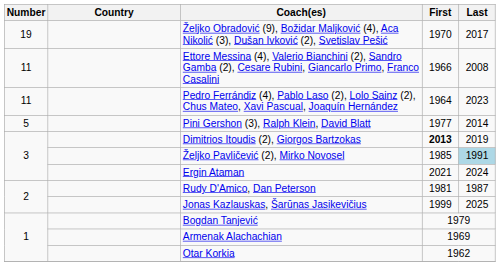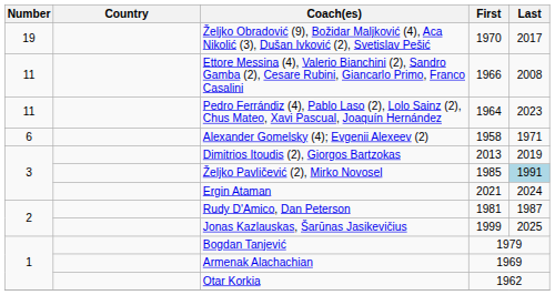 <table class="wikitable">
 <tr>
 <th style="width:40px">Number</th>
 <th style="width:200px">Country</th>
 <th style="width:370px">Coach(es)</th>
 <th style="width:50px">First</th>
 <th style="width:50px">Last</th>
 </tr>
 <tr>
 <td style="text-align:center;">19</td>
 <td></td>
 <td><a href='#'>Željko Obradović</a> (9), <a href='#'>Božidar Maljković</a> (4), <a href='#'>Aca Nikolić</a> (3), <a href='#'>Dušan Ivković</a> (2), <a href='#'>Svetislav Pešić</a></td>
 <td style="text-align:center;">1970</td>
 <td style="text-align:center;">2017</td>
 </tr>
 <tr>
 <td style="text-align:center;">11</td>
 <td></td>
 <td><a href='#'>Ettore Messina</a> (4), <a href='#'>Valerio Bianchini</a> (2), <a href='#'>Sandro Gamba</a> (2), <a href='#'>Cesare Rubini</a>, <a href='#'>Giancarlo Primo</a>, <a href='#'>Franco Casalini</a></td>
 <td style="text-align:center;">1966</td>
 <td style="text-align:center;">2008</td>
 </tr>
 <tr>
 <td style="text-align:center;">11</td>
 <td></td>
 <td><a href='#'>Pedro Ferrándiz</a> (4), <a href='#'>Pablo Laso</a> (2), <a href='#'>Lolo Sainz</a> (2), <a href='#'>Chus Mateo</a>, <a href='#'>Xavi Pascual</a>, <a href='#'>Joaquín Hernández</a></td>
 <td style="text-align:center;">1964</td>
 <td style="text-align:center;">2023</td>
 </tr>
 <tr>
-<td style="text-align:center;">5</td>
+<td style="text-align:center;">6</td>
 <td></td>
-<td><a href='#'>Pini Gershon</a> (3), <a href='#'>Ralph Klein</a>, <a href='#'>David Blatt</a></td>
-<td style="text-align:center;">1977</td>
-<td style="text-align:center;">2014</td>
+<td><a href='#'>Alexander Gomelsky</a> (4); <a href='#'>Evgenii Alexeev</a> (2)</td>
+<td style="text-align:center;">1958</td>
+<td style="text-align:center;">1971</td>
 </tr>
 <tr>
 <td rowspan="3" style="text-align:center;">3</td>
 <td></td>
 <td><a href='#'>Dimitrios Itoudis</a> (2), <a href='#'>Giorgos Bartzokas</a></td>
-<td style="text-align:center;"><strong>2013</strong></td>
+<td style="text-align:center;">2013</td>
 <td style="text-align:center;">2019</td>
 </tr>
 <tr>
 <td></td>
 <td><a href='#'>Željko Pavličević</a> (2), <a href='#'>Mirko Novosel</a></td>
 <td style="text-align:center;">1985</td>
 <td style="background: lightblue; text-align:center;">1991</td>
 </tr>
 <tr>
 <td></td>
 <td><a href='#'>Ergin Ataman</a></td>
 <td style="text-align:center;">2021</td>
 <td style="text-align:center;">2024</td>
 </tr>
 <tr>
 <td rowspan="2" style="text-align:center;">2</td>
 <td></td>
 <td><a href='#'>Rudy D'Amico</a>, <a href='#'>Dan Peterson</a></td>
 <td style="text-align:center;">1981</td>
 <td style="text-align:center;">1987</td>
 </tr>
 <tr>
 <td></td>
 <td><a href='#'>Jonas Kazlauskas</a>, <a href='#'>Šarūnas Jasikevičius</a></td>
 <td style="text-align:center;">1999</td>
 <td style="text-align:center;">2025</td>
 </tr>
 <tr>
 <td rowspan="3" style="text-align:center;">1</td>
 <td></td>
 <td><a href='#'>Bogdan Tanjević</a></td>
 <td colspan=2 style="text-align:center;">1979</td>
 </tr>
 <tr>
 <td></td>
 <td><a href='#'>Armenak Alachachian</a></td>
 <td colspan=2 style="text-align:center;">1969</td>
 </tr>
 <tr>
 <td></td>
 <td><a href='#'>Otar Korkia</a></td>
 <td colspan=2 style="text-align:center;">1962</td>
 </tr>
 <tr>
 </tr>
 </table>
